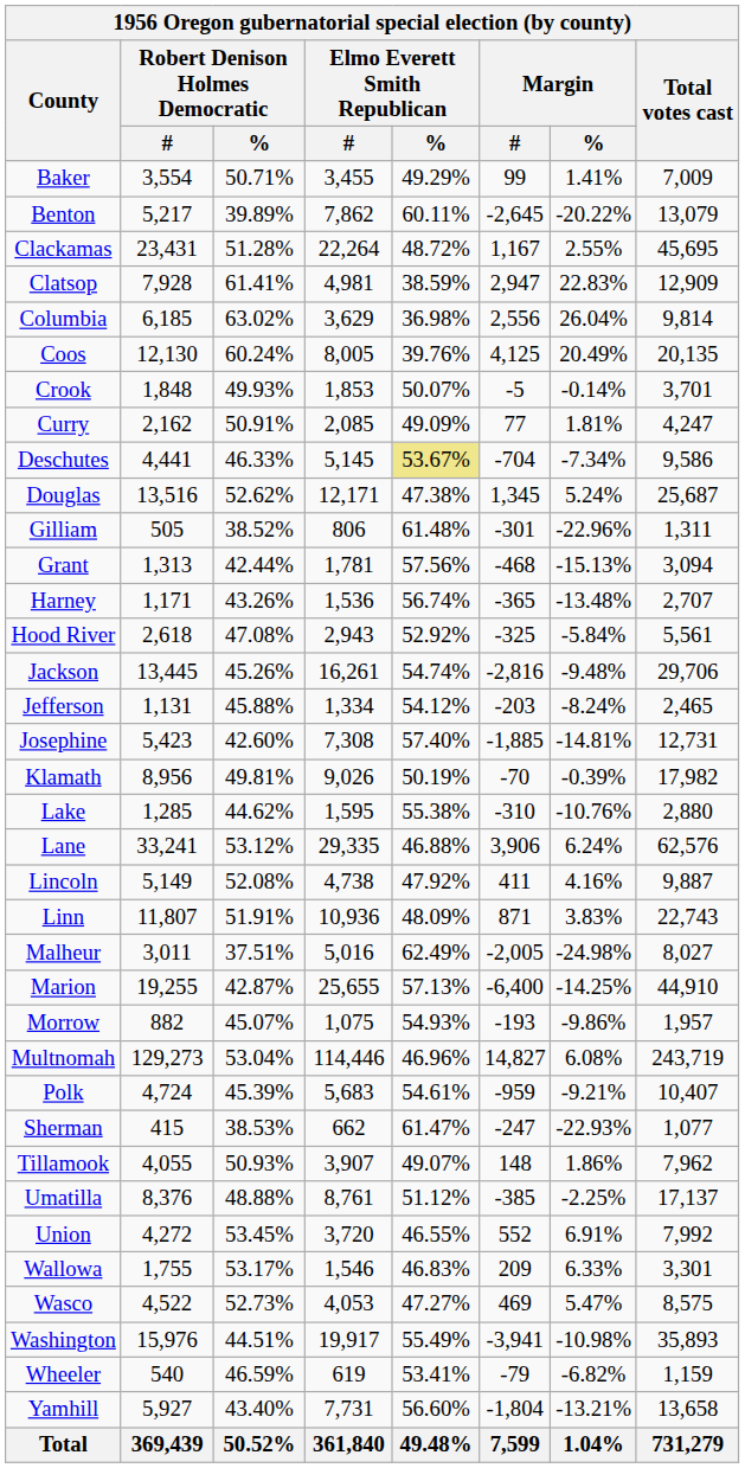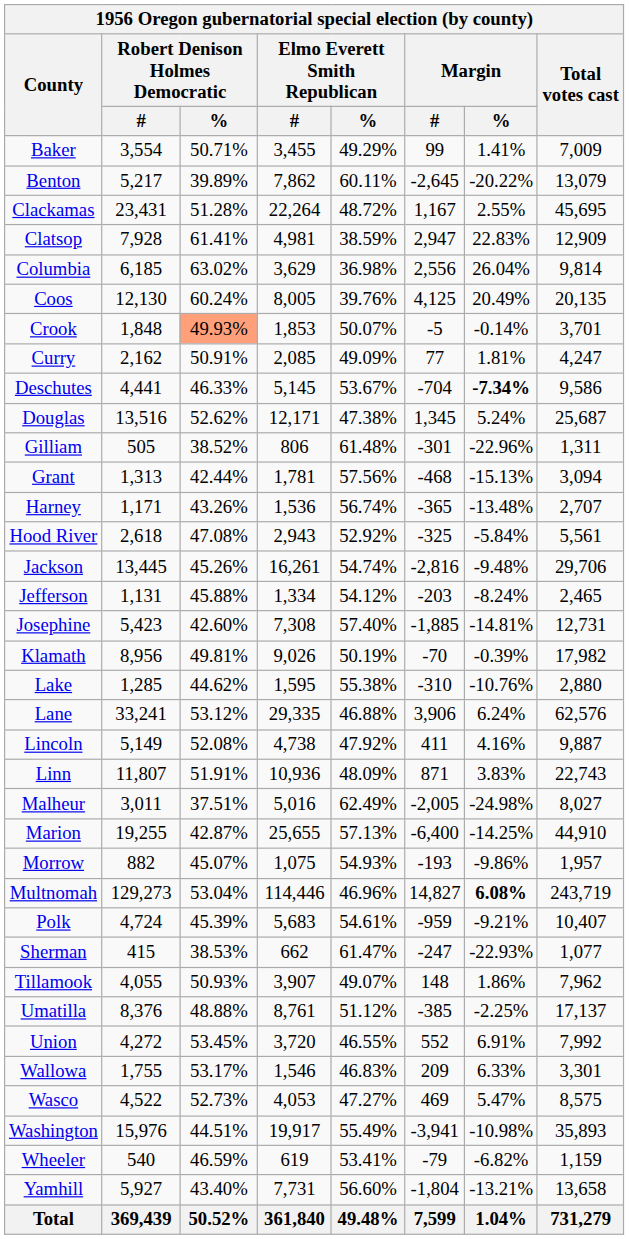 <table class="wikitable sortable" width="60%">
 <tr>
 <th colspan="8">1956 Oregon gubernatorial special election (by county)</th>
 </tr>
 <tr>
 <th rowspan="2">County</th>
 <th colspan="2">Robert Denison Holmes<br>Democratic</th>
 <th colspan="2">Elmo Everett Smith<br>Republican</th>
 <th colspan="2">Margin</th>
 <th rowspan="2" data-sort-type="number">Total votes cast</th>
 </tr>
 <tr>
 <th data-sort-type="number">#</th>
 <th data-sort-type="number">%</th>
 <th data-sort-type="number">#</th>
 <th data-sort-type="number">%</th>
 <th data-sort-type="number">#</th>
 <th data-sort-type="number">%</th>
 </tr>
 <tr style="text-align:center;">
 <td><a href='#'>Baker</a></td>
 <td>3,554</td>
 <td>50.71%</td>
 <td>3,455</td>
 <td>49.29%</td>
 <td>99</td>
 <td>1.41%</td>
 <td>7,009</td>
 </tr>
 <tr style="text-align:center;">
 <td><a href='#'>Benton</a></td>
 <td>5,217</td>
 <td>39.89%</td>
 <td>7,862</td>
 <td>60.11%</td>
 <td>-2,645</td>
 <td>-20.22%</td>
 <td>13,079</td>
 </tr>
 <tr style="text-align:center;">
 <td><a href='#'>Clackamas</a></td>
 <td>23,431</td>
 <td>51.28%</td>
 <td>22,264</td>
 <td>48.72%</td>
 <td>1,167</td>
 <td>2.55%</td>
 <td>45,695</td>
 </tr>
 <tr style="text-align:center;">
 <td><a href='#'>Clatsop</a></td>
 <td>7,928</td>
 <td>61.41%</td>
 <td>4,981</td>
 <td>38.59%</td>
 <td>2,947</td>
 <td>22.83%</td>
 <td>12,909</td>
 </tr>
 <tr style="text-align:center;">
 <td><a href='#'>Columbia</a></td>
 <td>6,185</td>
 <td>63.02%</td>
 <td>3,629</td>
 <td>36.98%</td>
 <td>2,556</td>
 <td>26.04%</td>
 <td>9,814</td>
 </tr>
 <tr style="text-align:center;">
 <td><a href='#'>Coos</a></td>
 <td>12,130</td>
 <td>60.24%</td>
 <td>8,005</td>
 <td>39.76%</td>
 <td>4,125</td>
 <td>20.49%</td>
 <td>20,135</td>
 </tr>
 <tr style="text-align:center;">
 <td><a href='#'>Crook</a></td>
 <td>1,848</td>
-<td>49.93%</td>
+<td style="background: lightsalmon;">49.93%</td>
 <td>1,853</td>
 <td>50.07%</td>
 <td>-5</td>
 <td>-0.14%</td>
 <td>3,701</td>
 </tr>
 <tr style="text-align:center;">
 <td><a href='#'>Curry</a></td>
 <td>2,162</td>
 <td>50.91%</td>
 <td>2,085</td>
 <td>49.09%</td>
 <td>77</td>
 <td>1.81%</td>
 <td>4,247</td>
 </tr>
 <tr style="text-align:center;">
 <td><a href='#'>Deschutes</a></td>
 <td>4,441</td>
 <td>46.33%</td>
 <td>5,145</td>
-<td style="background: khaki;">53.67%</td>
+<td>53.67%</td>
 <td>-704</td>
-<td>-7.34%</td>
+<td><strong>-7.34%</strong></td>
 <td>9,586</td>
 </tr>
 <tr style="text-align:center;">
 <td><a href='#'>Douglas</a></td>
 <td>13,516</td>
 <td>52.62%</td>
 <td>12,171</td>
 <td>47.38%</td>
 <td>1,345</td>
 <td>5.24%</td>
 <td>25,687</td>
 </tr>
 <tr style="text-align:center;">
 <td><a href='#'>Gilliam</a></td>
 <td>505</td>
 <td>38.52%</td>
 <td>806</td>
 <td>61.48%</td>
 <td>-301</td>
 <td>-22.96%</td>
 <td>1,311</td>
 </tr>
 <tr style="text-align:center;">
 <td><a href='#'>Grant</a></td>
 <td>1,313</td>
 <td>42.44%</td>
 <td>1,781</td>
 <td>57.56%</td>
 <td>-468</td>
 <td>-15.13%</td>
 <td>3,094</td>
 </tr>
 <tr style="text-align:center;">
 <td><a href='#'>Harney</a></td>
 <td>1,171</td>
 <td>43.26%</td>
 <td>1,536</td>
 <td>56.74%</td>
 <td>-365</td>
 <td>-13.48%</td>
 <td>2,707</td>
 </tr>
 <tr style="text-align:center;">
 <td><a href='#'>Hood River</a></td>
 <td>2,618</td>
 <td>47.08%</td>
 <td>2,943</td>
 <td>52.92%</td>
 <td>-325</td>
 <td>-5.84%</td>
 <td>5,561</td>
 </tr>
 <tr style="text-align:center;">
 <td><a href='#'>Jackson</a></td>
 <td>13,445</td>
 <td>45.26%</td>
 <td>16,261</td>
 <td>54.74%</td>
 <td>-2,816</td>
 <td>-9.48%</td>
 <td>29,706</td>
 </tr>
 <tr style="text-align:center;">
 <td><a href='#'>Jefferson</a></td>
 <td>1,131</td>
 <td>45.88%</td>
 <td>1,334</td>
 <td>54.12%</td>
 <td>-203</td>
 <td>-8.24%</td>
 <td>2,465</td>
 </tr>
 <tr style="text-align:center;">
 <td><a href='#'>Josephine</a></td>
 <td>5,423</td>
 <td>42.60%</td>
 <td>7,308</td>
 <td>57.40%</td>
 <td>-1,885</td>
 <td>-14.81%</td>
 <td>12,731</td>
 </tr>
 <tr style="text-align:center;">
 <td><a href='#'>Klamath</a></td>
 <td>8,956</td>
 <td>49.81%</td>
 <td>9,026</td>
 <td>50.19%</td>
 <td>-70</td>
 <td>-0.39%</td>
 <td>17,982</td>
 </tr>
 <tr style="text-align:center;">
 <td><a href='#'>Lake</a></td>
 <td>1,285</td>
 <td>44.62%</td>
 <td>1,595</td>
 <td>55.38%</td>
 <td>-310</td>
 <td>-10.76%</td>
 <td>2,880</td>
 </tr>
 <tr style="text-align:center;">
 <td><a href='#'>Lane</a></td>
 <td>33,241</td>
 <td>53.12%</td>
 <td>29,335</td>
 <td>46.88%</td>
 <td>3,906</td>
 <td>6.24%</td>
 <td>62,576</td>
 </tr>
 <tr style="text-align:center;">
 <td><a href='#'>Lincoln</a></td>
 <td>5,149</td>
 <td>52.08%</td>
 <td>4,738</td>
 <td>47.92%</td>
 <td>411</td>
 <td>4.16%</td>
 <td>9,887</td>
 </tr>
 <tr style="text-align:center;">
 <td><a href='#'>Linn</a></td>
 <td>11,807</td>
 <td>51.91%</td>
 <td>10,936</td>
 <td>48.09%</td>
 <td>871</td>
 <td>3.83%</td>
 <td>22,743</td>
 </tr>
 <tr style="text-align:center;">
 <td><a href='#'>Malheur</a></td>
 <td>3,011</td>
 <td>37.51%</td>
 <td>5,016</td>
 <td>62.49%</td>
 <td>-2,005</td>
 <td>-24.98%</td>
 <td>8,027</td>
 </tr>
 <tr style="text-align:center;">
 <td><a href='#'>Marion</a></td>
 <td>19,255</td>
 <td>42.87%</td>
 <td>25,655</td>
 <td>57.13%</td>
 <td>-6,400</td>
 <td>-14.25%</td>
 <td>44,910</td>
 </tr>
 <tr style="text-align:center;">
 <td><a href='#'>Morrow</a></td>
 <td>882</td>
 <td>45.07%</td>
 <td>1,075</td>
 <td>54.93%</td>
 <td>-193</td>
 <td>-9.86%</td>
 <td>1,957</td>
 </tr>
 <tr style="text-align:center;">
 <td><a href='#'>Multnomah</a></td>
 <td>129,273</td>
 <td>53.04%</td>
 <td>114,446</td>
 <td>46.96%</td>
 <td>14,827</td>
-<td>6.08%</td>
+<td><strong>6.08%</strong></td>
 <td>243,719</td>
 </tr>
 <tr style="text-align:center;">
 <td><a href='#'>Polk</a></td>
 <td>4,724</td>
 <td>45.39%</td>
 <td>5,683</td>
 <td>54.61%</td>
 <td>-959</td>
 <td>-9.21%</td>
 <td>10,407</td>
 </tr>
 <tr style="text-align:center;">
 <td><a href='#'>Sherman</a></td>
 <td>415</td>
 <td>38.53%</td>
 <td>662</td>
 <td>61.47%</td>
 <td>-247</td>
 <td>-22.93%</td>
 <td>1,077</td>
 </tr>
 <tr style="text-align:center;">
 <td><a href='#'>Tillamook</a></td>
 <td>4,055</td>
 <td>50.93%</td>
 <td>3,907</td>
 <td>49.07%</td>
 <td>148</td>
 <td>1.86%</td>
 <td>7,962</td>
 </tr>
 <tr style="text-align:center;">
 <td><a href='#'>Umatilla</a></td>
 <td>8,376</td>
 <td>48.88%</td>
 <td>8,761</td>
 <td>51.12%</td>
 <td>-385</td>
 <td>-2.25%</td>
 <td>17,137</td>
 </tr>
 <tr style="text-align:center;">
 <td><a href='#'>Union</a></td>
 <td>4,272</td>
 <td>53.45%</td>
 <td>3,720</td>
 <td>46.55%</td>
 <td>552</td>
 <td>6.91%</td>
 <td>7,992</td>
 </tr>
 <tr style="text-align:center;">
 <td><a href='#'>Wallowa</a></td>
 <td>1,755</td>
 <td>53.17%</td>
 <td>1,546</td>
 <td>46.83%</td>
 <td>209</td>
 <td>6.33%</td>
 <td>3,301</td>
 </tr>
 <tr style="text-align:center;">
 <td><a href='#'>Wasco</a></td>
 <td>4,522</td>
 <td>52.73%</td>
 <td>4,053</td>
 <td>47.27%</td>
 <td>469</td>
 <td>5.47%</td>
 <td>8,575</td>
 </tr>
 <tr style="text-align:center;">
 <td><a href='#'>Washington</a></td>
 <td>15,976</td>
 <td>44.51%</td>
 <td>19,917</td>
 <td>55.49%</td>
 <td>-3,941</td>
 <td>-10.98%</td>
 <td>35,893</td>
 </tr>
 <tr style="text-align:center;">
 <td><a href='#'>Wheeler</a></td>
 <td>540</td>
 <td>46.59%</td>
 <td>619</td>
 <td>53.41%</td>
 <td>-79</td>
 <td>-6.82%</td>
 <td>1,159</td>
 </tr>
 <tr style="text-align:center;">
 <td><a href='#'>Yamhill</a></td>
 <td>5,927</td>
 <td>43.40%</td>
 <td>7,731</td>
 <td>56.60%</td>
 <td>-1,804</td>
 <td>-13.21%</td>
 <td>13,658</td>
 </tr>
 <tr>
 <th>Total</th>
 <th>369,439</th>
 <th>50.52%</th>
 <th>361,840</th>
 <th>49.48%</th>
 <th>7,599</th>
 <th>1.04%</th>
 <th>731,279</th>
 </tr>
 </table>
